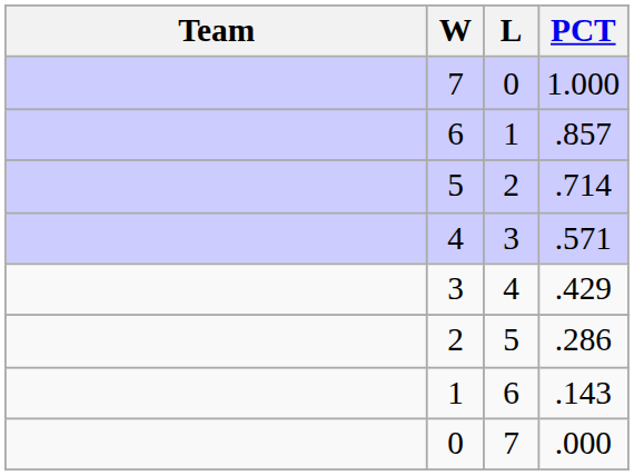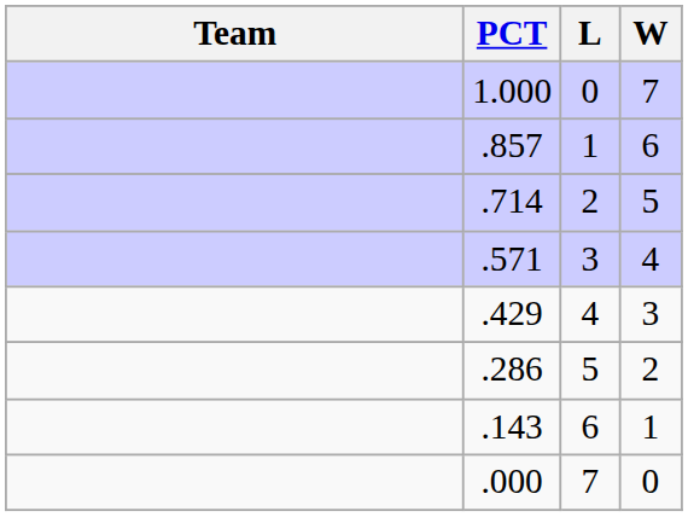 <table class="wikitable" style="text-align:center;">
 <tr>
 <th width=200px>Team</th>
+<th width=30px><a href='#'>PCT</a></th>
+<th width=20px>L</th>
 <th width=20px>W</th>
-<th width=20px>L</th>
-<th width=30px><a href='#'>PCT</a></th>
 </tr>
 <tr bgcolor=#CCCCFF>
 <td align=left></td>
+<td>1.000</td>
+<td>0</td>
 <td>7</td>
-<td>0</td>
-<td>1.000</td>
 </tr>
 <tr bgcolor=#CCCCFF>
 <td align=left></td>
+<td>.857</td>
+<td>1</td>
 <td>6</td>
-<td>1</td>
-<td>.857</td>
 </tr>
 <tr bgcolor=#CCCCFF>
 <td align=left></td>
+<td>.714</td>
+<td>2</td>
 <td>5</td>
-<td>2</td>
-<td>.714</td>
 </tr>
 <tr bgcolor=#CCCCFF>
 <td align=left></td>
+<td>.571</td>
+<td>3</td>
 <td>4</td>
-<td>3</td>
-<td>.571</td>
 </tr>
 <tr>
 <td align=left><strong></strong></td>
+<td>.429</td>
+<td>4</td>
 <td>3</td>
-<td>4</td>
-<td>.429</td>
 </tr>
 <tr>
 <td align=left></td>
+<td>.286</td>
+<td>5</td>
 <td>2</td>
-<td>5</td>
-<td>.286</td>
 </tr>
 <tr>
 <td align=left></td>
+<td>.143</td>
+<td>6</td>
 <td>1</td>
-<td>6</td>
-<td>.143</td>
 </tr>
 <tr>
 <td align=left></td>
+<td>.000</td>
+<td>7</td>
 <td>0</td>
-<td>7</td>
-<td>.000</td>
 </tr>
 </table>
